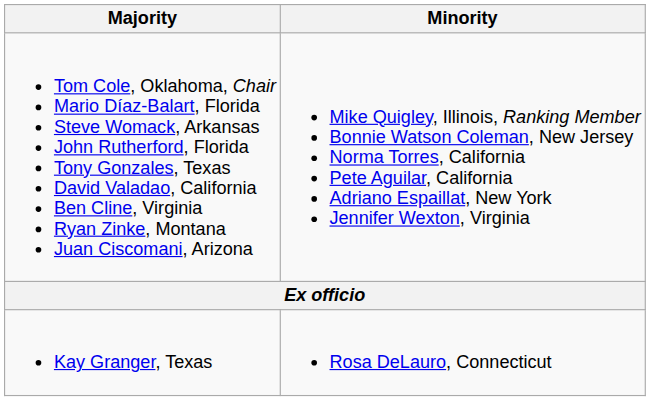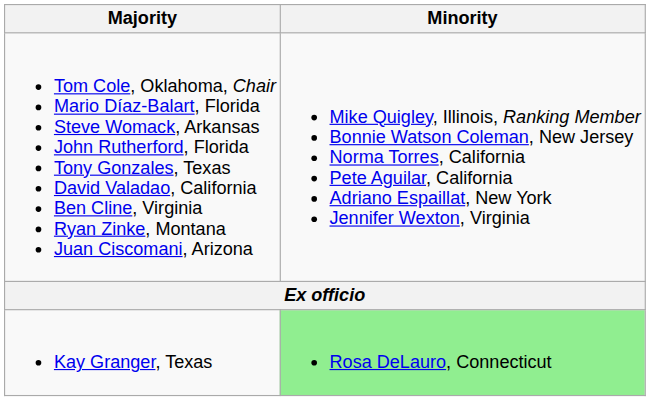 <table class=wikitable>
 <tr>
 <th>Majority</th>
 <th>Minority</th>
 </tr>
 <tr>
 <td><br><ul><li><a href='#'>Tom Cole</a>, Oklahoma, <em>Chair</em></li><li><a href='#'>Mario Díaz-Balart</a>, Florida</li><li><a href='#'>Steve Womack</a>, Arkansas</li><li><a href='#'>John Rutherford</a>, Florida</li><li><a href='#'>Tony Gonzales</a>, Texas</li><li><a href='#'>David Valadao</a>, California</li><li><a href='#'>Ben Cline</a>, Virginia</li><li><a href='#'>Ryan Zinke</a>, Montana</li><li><a href='#'>Juan Ciscomani</a>, Arizona</li></ul></td>
 <td><br><ul><li><a href='#'>Mike Quigley</a>, Illinois, <em>Ranking Member</em></li><li><a href='#'>Bonnie Watson Coleman</a>, New Jersey</li><li><a href='#'>Norma Torres</a>, California</li><li><a href='#'>Pete Aguilar</a>, California</li><li><a href='#'>Adriano Espaillat</a>, New York</li><li><a href='#'>Jennifer Wexton</a>, Virginia</li></ul></td>
 </tr>
 <tr>
 <th colspan=2><em>Ex officio</em></th>
 </tr>
 <tr>
 <td><br><ul><li><a href='#'>Kay Granger</a>, Texas</li></ul></td>
-<td><br><ul><li><a href='#'>Rosa DeLauro</a>, Connecticut</li></ul></td>
+<td style="background: lightgreen;"><br><ul><li><a href='#'>Rosa DeLauro</a>, Connecticut</li></ul></td>
 </tr>
 </table>
